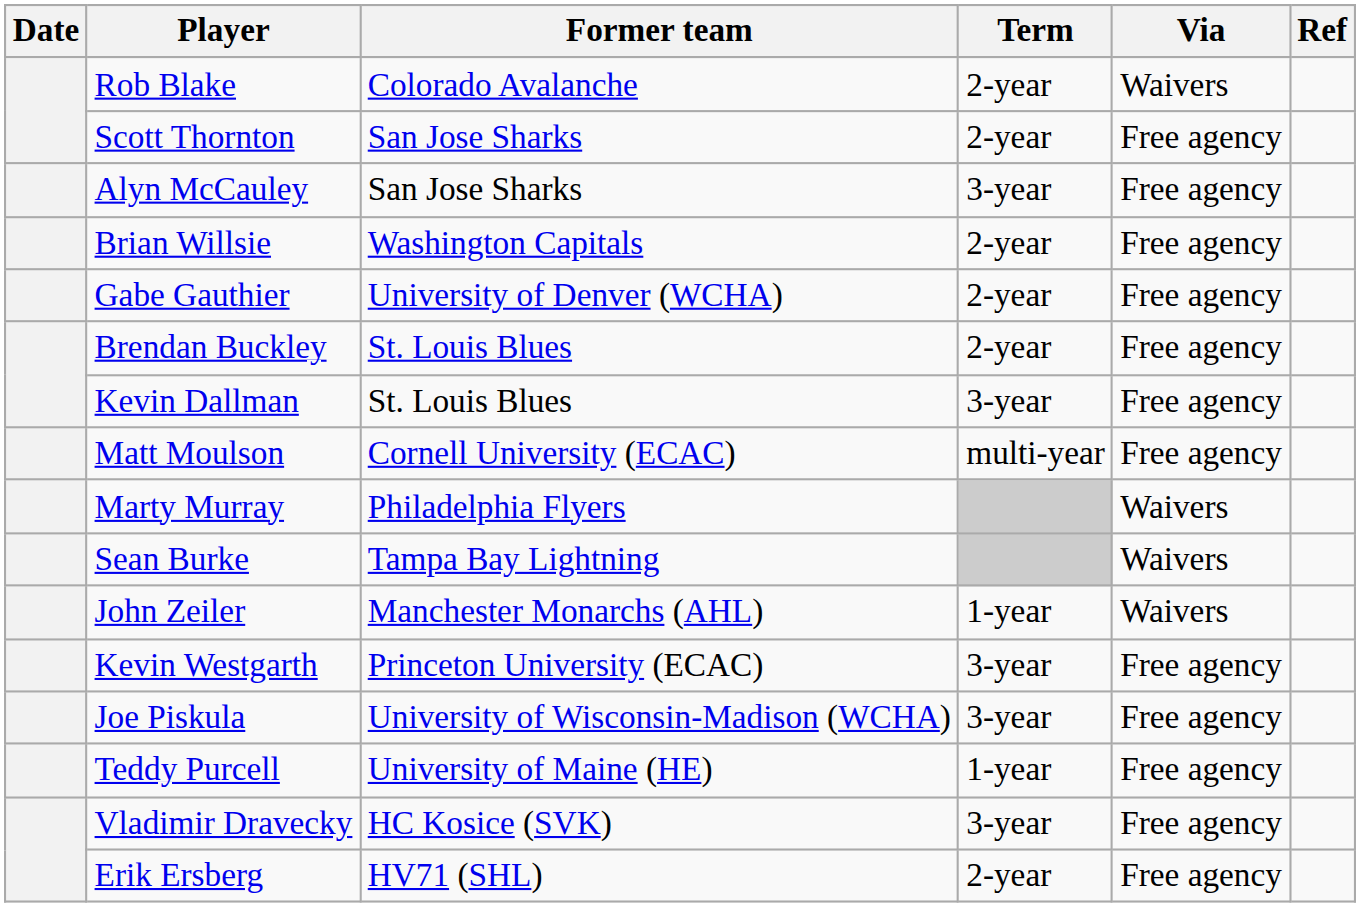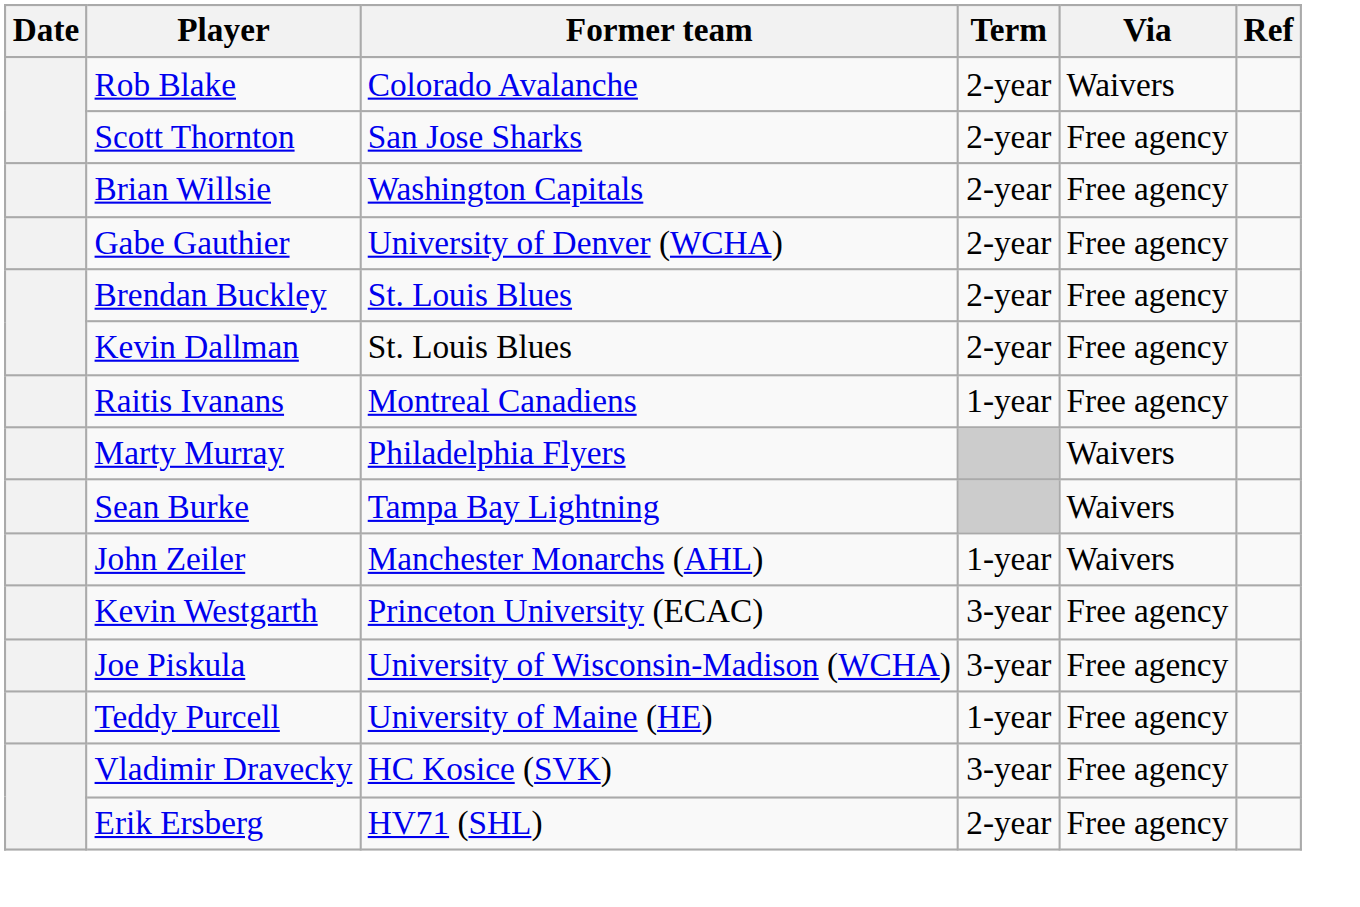 <table class="wikitable plainrowheaders">
 <tr style="background:#ddd; text-align:center;">
 <th>Date</th>
 <th>Player</th>
 <th>Former team</th>
 <th>Term</th>
 <th>Via</th>
 <th>Ref</th>
 </tr>
 <tr>
 <th scope="row" rowspan=2></th>
 <td><a href='#'>Rob Blake</a></td>
 <td><a href='#'>Colorado Avalanche</a></td>
 <td>2-year</td>
 <td>Waivers</td>
 <td></td>
 </tr>
 <tr>
 <td><a href='#'>Scott Thornton</a></td>
 <td><a href='#'>San Jose Sharks</a></td>
 <td>2-year</td>
-<td>Free agency</td>
-<td></td>
-</tr>
-<tr>
-<th scope="row"></th>
-<td><a href='#'>Alyn McCauley</a></td>
-<td>San Jose Sharks</td>
-<td>3-year</td>
 <td>Free agency</td>
 <td></td>
 </tr>
 <tr>
 <th scope="row"></th>
 <td><a href='#'>Brian Willsie</a></td>
 <td><a href='#'>Washington Capitals</a></td>
 <td>2-year</td>
 <td>Free agency</td>
 <td></td>
 </tr>
 <tr>
 <th scope="row"></th>
 <td><a href='#'>Gabe Gauthier</a></td>
 <td><a href='#'>University of Denver</a> (<a href='#'>WCHA</a>)</td>
 <td>2-year</td>
 <td>Free agency</td>
 <td></td>
 </tr>
 <tr>
 <th scope="row" rowspan=2></th>
 <td><a href='#'>Brendan Buckley</a></td>
 <td><a href='#'>St. Louis Blues</a></td>
 <td>2-year</td>
 <td>Free agency</td>
 <td></td>
 </tr>
 <tr>
 <td><a href='#'>Kevin Dallman</a></td>
 <td>St. Louis Blues</td>
-<td>3-year</td>
+<td>2-year</td>
 <td>Free agency</td>
 <td></td>
 </tr>
 <tr>
 <th scope="row"></th>
-<td><a href='#'>Matt Moulson</a></td>
-<td><a href='#'>Cornell University</a> (<a href='#'>ECAC</a>)</td>
-<td>multi-year</td>
+<td><a href='#'>Raitis Ivanans</a></td>
+<td><a href='#'>Montreal Canadiens</a></td>
+<td>1-year</td>
 <td>Free agency</td>
 <td></td>
 </tr>
 <tr>
 <th scope="row"></th>
 <td><a href='#'>Marty Murray</a></td>
 <td><a href='#'>Philadelphia Flyers</a></td>
 <td style="background:#ccc"></td>
 <td>Waivers</td>
 <td></td>
 </tr>
 <tr>
 <th scope="row"></th>
 <td><a href='#'>Sean Burke</a></td>
 <td><a href='#'>Tampa Bay Lightning</a></td>
 <td style="background:#ccc"></td>
 <td>Waivers</td>
 <td></td>
 </tr>
 <tr>
 <th scope="row"></th>
 <td><a href='#'>John Zeiler</a></td>
 <td><a href='#'>Manchester Monarchs</a> (<a href='#'>AHL</a>)</td>
 <td>1-year</td>
 <td>Waivers</td>
 <td></td>
 </tr>
 <tr>
 <th scope="row"></th>
 <td><a href='#'>Kevin Westgarth</a></td>
 <td><a href='#'>Princeton University</a> (ECAC)</td>
 <td>3-year</td>
 <td>Free agency</td>
 <td></td>
 </tr>
 <tr>
 <th scope="row"></th>
 <td><a href='#'>Joe Piskula</a></td>
 <td><a href='#'>University of Wisconsin-Madison</a> (<a href='#'>WCHA</a>)</td>
 <td>3-year</td>
 <td>Free agency</td>
 <td></td>
 </tr>
 <tr>
 <th scope="row"></th>
 <td><a href='#'>Teddy Purcell</a></td>
 <td><a href='#'>University of Maine</a> (<a href='#'>HE</a>)</td>
 <td>1-year</td>
 <td>Free agency</td>
 <td></td>
 </tr>
 <tr>
 <th scope="row" rowspan=2></th>
 <td><a href='#'>Vladimir Dravecky</a></td>
 <td><a href='#'>HC Kosice</a> (<a href='#'>SVK</a>)</td>
 <td>3-year</td>
 <td>Free agency</td>
 <td></td>
 </tr>
 <tr>
 <td><a href='#'>Erik Ersberg</a></td>
 <td><a href='#'>HV71</a> (<a href='#'>SHL</a>)</td>
 <td>2-year</td>
 <td>Free agency</td>
 <td></td>
 </tr>
 </table>
